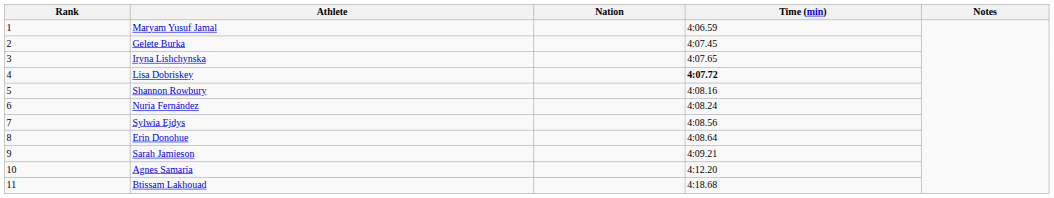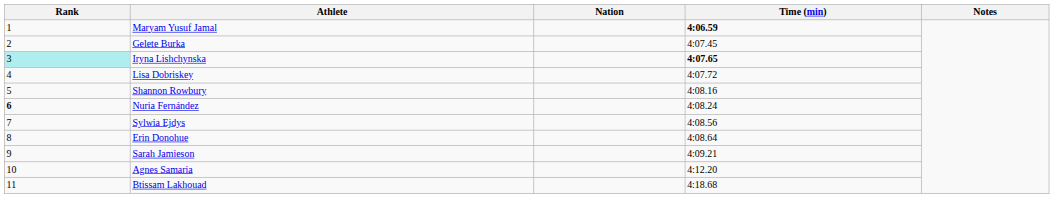 <table class="wikitable" style="text=align:center;" width=85%>
 <tr>
 <th>Rank</th>
 <th>Athlete</th>
 <th>Nation</th>
 <th>Time (<a href='#'>min</a>)</th>
 <th>Notes</th>
 </tr>
 <tr>
 <td>1</td>
 <td><a href='#'>Maryam Yusuf Jamal</a></td>
 <td></td>
-<td>4:06.59</td>
+<td><strong>4:06.59</strong></td>
 </tr>
 <tr>
 <td>2</td>
 <td><a href='#'>Gelete Burka</a></td>
 <td></td>
 <td>4:07.45</td>
 </tr>
 <tr>
-<td>3</td>
+<td style="background: paleturquoise;">3</td>
 <td><a href='#'>Iryna Lishchynska</a></td>
 <td></td>
-<td>4:07.65</td>
+<td><strong>4:07.65</strong></td>
 </tr>
 <tr>
 <td>4</td>
 <td><a href='#'>Lisa Dobriskey</a></td>
 <td></td>
-<td><strong>4:07.72</strong></td>
+<td>4:07.72</td>
 </tr>
 <tr>
 <td>5</td>
 <td><a href='#'>Shannon Rowbury</a></td>
 <td></td>
 <td>4:08.16</td>
 </tr>
 <tr>
-<td>6</td>
+<td><strong>6</strong></td>
 <td><a href='#'>Nuria Fernández</a></td>
 <td></td>
 <td>4:08.24</td>
 </tr>
 <tr>
 <td>7</td>
 <td><a href='#'>Sylwia Ejdys</a></td>
 <td></td>
 <td>4:08.56</td>
 </tr>
 <tr>
 <td>8</td>
 <td><a href='#'>Erin Donohue</a></td>
 <td></td>
 <td>4:08.64</td>
 </tr>
 <tr>
 <td>9</td>
 <td><a href='#'>Sarah Jamieson</a></td>
 <td></td>
 <td>4:09.21</td>
 </tr>
 <tr>
 <td>10</td>
 <td><a href='#'>Agnes Samaria</a></td>
 <td></td>
 <td>4:12.20</td>
 </tr>
 <tr>
 <td>11</td>
 <td><a href='#'>Btissam Lakhouad</a></td>
 <td></td>
 <td>4:18.68</td>
 </tr>
 </table>
